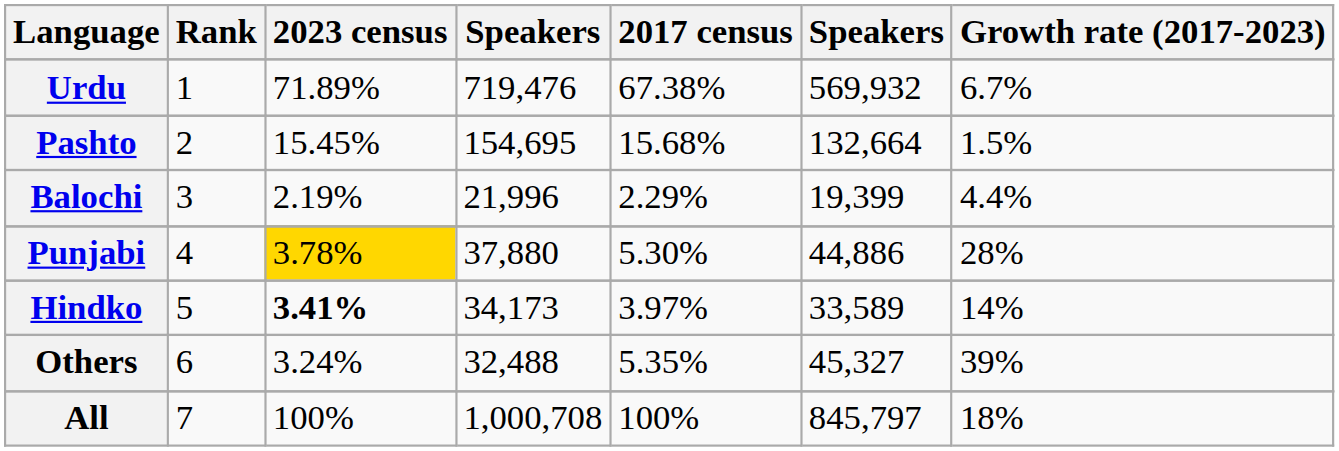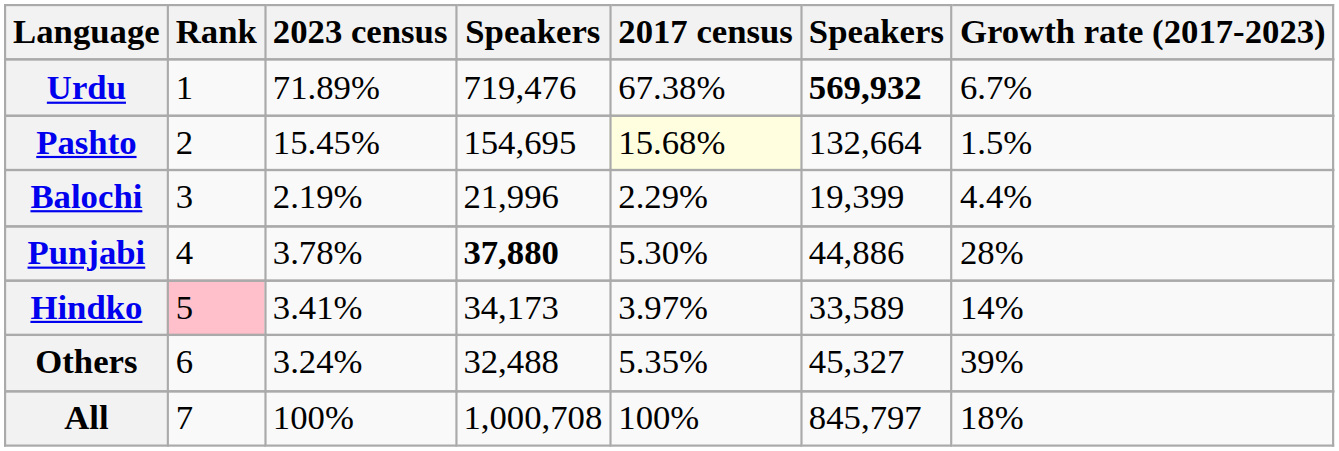 <table class="wikitable">
 <tr>
 <th>Language</th>
 <th>Rank</th>
 <th>2023 census</th>
 <th>Speakers</th>
 <th>2017 census</th>
 <th>Speakers</th>
 <th>Growth rate (2017-2023)</th>
 </tr>
 <tr>
 </tr>
 <tr>
 </tr>
 <tr>
 </tr>
 <tr>
 </tr>
 <tr>
 </tr>
 <tr>
 </tr>
 <tr>
 </tr>
 <tr>
 </tr>
 <tr>
 <th><a href='#'>Urdu</a></th>
 <td>1</td>
 <td>71.89%</td>
 <td>719,476</td>
 <td>67.38%</td>
-<td>569,932</td>
+<td><strong>569,932</strong></td>
 <td>6.7%</td>
 </tr>
 <tr>
 </tr>
 <tr>
 </tr>
 <tr>
 </tr>
 <tr>
 <th><a href='#'>Pashto</a></th>
 <td>2</td>
 <td>15.45%</td>
 <td>154,695</td>
-<td>15.68%</td>
+<td style="background: lightyellow;">15.68%</td>
 <td>132,664</td>
 <td>1.5%</td>
 </tr>
 <tr>
 </tr>
 <tr>
 </tr>
 <tr>
 </tr>
 <tr>
 <th><a href='#'>Balochi</a></th>
 <td>3</td>
 <td>2.19%</td>
 <td>21,996</td>
 <td>2.29%</td>
 <td>19,399</td>
 <td>4.4%</td>
 </tr>
 <tr>
 </tr>
 <tr>
 </tr>
 <tr>
 </tr>
 <tr>
 <th><a href='#'>Punjabi</a></th>
 <td>4</td>
-<td style="background: gold;">3.78%</td>
-<td>37,880</td>
+<td>3.78%</td>
+<td><strong>37,880</strong></td>
 <td>5.30%</td>
 <td>44,886</td>
 <td>28%</td>
 </tr>
 <tr>
 </tr>
 <tr>
 </tr>
 <tr>
 </tr>
 <tr>
 <th><a href='#'>Hindko</a></th>
-<td>5</td>
-<td><strong>3.41%</strong></td>
+<td style="background: pink;">5</td>
+<td>3.41%</td>
 <td>34,173</td>
 <td>3.97%</td>
 <td>33,589</td>
 <td>14%</td>
 </tr>
 <tr>
 </tr>
 <tr>
 </tr>
 <tr>
 </tr>
 <tr>
 <th>Others</th>
 <td>6</td>
 <td>3.24%</td>
 <td>32,488</td>
 <td>5.35%</td>
 <td>45,327</td>
 <td>39%</td>
 </tr>
 <tr>
 </tr>
 <tr>
 </tr>
 <tr>
 </tr>
 <tr>
 <th>All</th>
 <td>7</td>
 <td>100%</td>
 <td>1,000,708</td>
 <td>100%</td>
 <td>845,797</td>
 <td>18%</td>
 </tr>
 </table>
